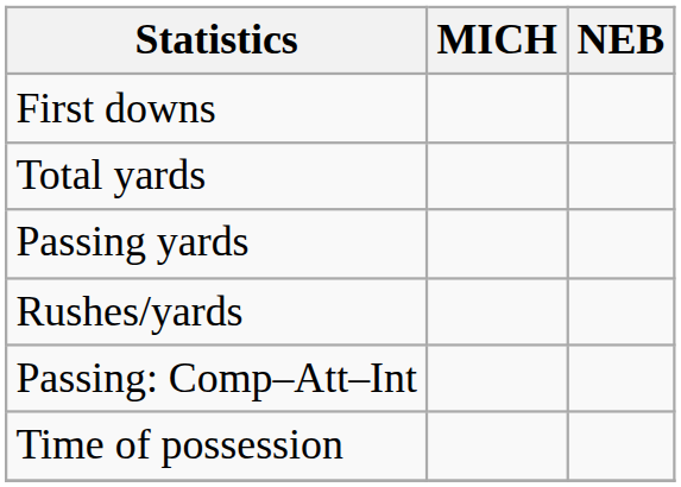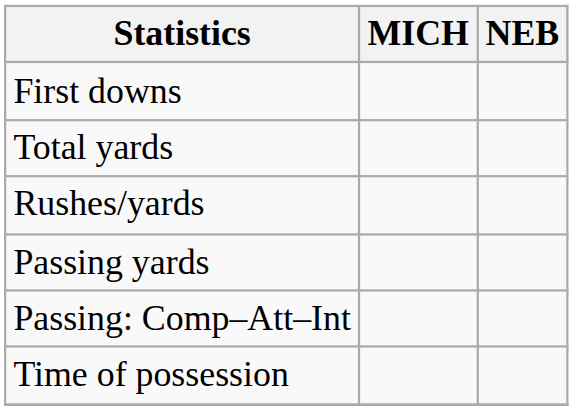 <table class="wikitable" style="float: left;">
 <tr>
 <th>Statistics</th>
 <th>MICH</th>
 <th>NEB</th>
 </tr>
 <tr>
 <td>First downs</td>
 <td></td>
 <td></td>
 </tr>
 <tr>
 <td>Total yards</td>
 <td></td>
 <td></td>
 </tr>
 <tr>
-<td>Passing yards</td>
+<td>Rushes/yards</td>
 <td></td>
 <td></td>
 </tr>
 <tr>
-<td>Rushes/yards</td>
+<td>Passing yards</td>
 <td></td>
 <td></td>
 </tr>
 <tr>
 <td>Passing: Comp–Att–Int</td>
 <td></td>
 <td></td>
 </tr>
 <tr>
 <td>Time of possession</td>
 <td></td>
 <td></td>
 </tr>
 <tr>
 </tr>
 </table>
